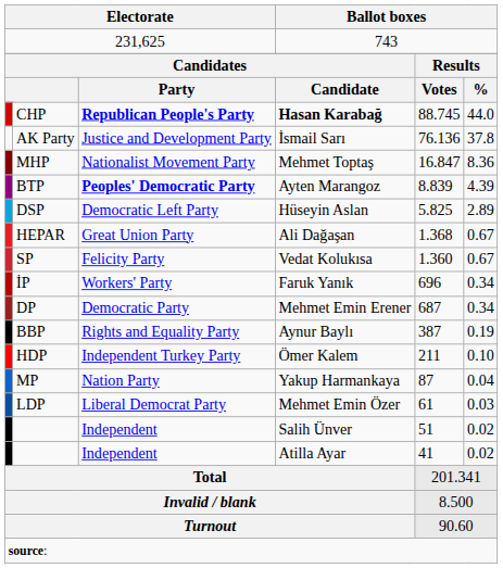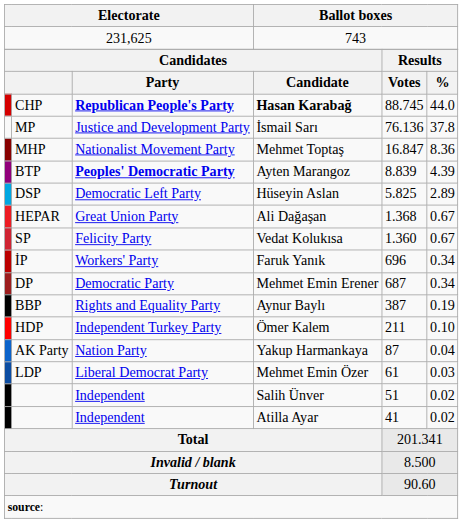 <table class="wikitable">
 <tr style="background-color:#F2F2F2">
 <td align="center" colspan="3"><strong>Electorate</strong></td>
 <td align="center" colspan="7"><strong>Ballot boxes</strong></td>
 </tr>
 <tr align="left">
 <td align="center" colspan="3">231,625</td>
 <td align="center" colspan="7">743</td>
 </tr>
 <tr>
 </tr>
 <tr style="background-color:#E9E9E9">
 </tr>
 <tr>
 <th align="center" colspan="4">Candidates</th>
 <th align="center" colspan="6">Results</th>
 </tr>
 <tr style="background-color:#E9E9E9">
 <th align="center" colspan="2"></th>
 <th align="center">Party</th>
 <th align="center">Candidate</th>
 <th align="center">Votes</th>
 <th align="center">%</th>
 </tr>
 <tr align="left">
 <td bgcolor="#d50000" width=1></td>
 <td>CHP</td>
 <td><strong><a href='#'>Republican People's Party</a></strong></td>
 <td><strong>Hasan Karabağ</strong></td>
 <td>88.745</td>
 <td>44.0</td>
 </tr>
 <tr align="left">
 <td></td>
-<td>AK Party</td>
+<td>MP</td>
 <td><a href='#'>Justice and Development Party</a></td>
 <td>İsmail Sarı</td>
 <td>76.136</td>
 <td>37.8</td>
 </tr>
 <tr align="left">
 <td bgcolor="#870000" width=1></td>
 <td>MHP</td>
 <td><a href='#'>Nationalist Movement Party</a></td>
 <td>Mehmet Toptaş</td>
 <td>16.847</td>
 <td>8.36</td>
 </tr>
 <tr align="left">
 <td bgcolor="#91007B" width=1></td>
 <td>BTP</td>
 <td><strong><a href='#'>Peoples' Democratic Party</a></strong></td>
 <td>Ayten Marangoz</td>
 <td>8.839</td>
 <td>4.39</td>
 </tr>
 <tr align="left">
 <td bgcolor="#01A7E1" width=1></td>
 <td>DSP</td>
 <td><a href='#'>Democratic Left Party</a></td>
 <td>Hüseyin Aslan</td>
 <td>5.825</td>
 <td>2.89</td>
 </tr>
 <tr align="left">
 <td bgcolor="#ED1C24" width=1></td>
 <td>HEPAR</td>
 <td><a href='#'>Great Union Party</a></td>
 <td>Ali Dağaşan</td>
 <td>1.368</td>
 <td>0.67</td>
 </tr>
 <tr align="left">
 <td bgcolor="#D02433" width=1></td>
 <td>SP</td>
 <td><a href='#'>Felicity Party</a></td>
 <td>Vedat Kolukısa</td>
 <td>1.360</td>
 <td>0.67</td>
 </tr>
 <tr align="left">
 <td bgcolor="#BB0000" width=1></td>
 <td>İP</td>
 <td><a href='#'>Workers' Party</a></td>
 <td>Faruk Yanık</td>
 <td>696</td>
 <td>0.34</td>
 </tr>
 <tr align="left">
 <td bgcolor="#9D1D1E" width=1></td>
 <td>DP</td>
 <td><a href='#'>Democratic Party</a></td>
 <td>Mehmet Emin Erener</td>
 <td>687</td>
 <td>0.34</td>
 </tr>
 <tr align="left">
 <td bgcolor="#000000" width=1></td>
 <td>BBP</td>
 <td><a href='#'>Rights and Equality Party</a></td>
 <td>Aynur Baylı</td>
 <td>387</td>
 <td>0.19</td>
 </tr>
 <tr align="left">
 <td bgcolor="#FE0000" width=1></td>
 <td>HDP</td>
 <td><a href='#'>Independent Turkey Party</a></td>
 <td>Ömer Kalem</td>
 <td>211</td>
 <td>0.10</td>
 </tr>
 <tr align="left">
 <td bgcolor="#0C63CA" width=1></td>
-<td>MP</td>
+<td>AK Party</td>
 <td><a href='#'>Nation Party</a></td>
 <td>Yakup Harmankaya</td>
 <td>87</td>
 <td>0.04</td>
 </tr>
 <tr align="left">
 <td bgcolor="#0C4DA2" width=1></td>
 <td>LDP</td>
 <td><a href='#'>Liberal Democrat Party</a></td>
 <td>Mehmet Emin Özer</td>
 <td>61</td>
 <td>0.03</td>
 </tr>
 <tr align="left">
 <td bgcolor=" " width=1></td>
 <td></td>
 <td><a href='#'>Independent</a></td>
 <td>Salih Ünver</td>
 <td>51</td>
 <td>0.02</td>
 </tr>
 <tr align="left">
 <td bgcolor=" " width=1></td>
 <td></td>
 <td><a href='#'>Independent</a></td>
 <td>Atilla Ayar</td>
 <td>41</td>
 <td>0.02</td>
 </tr>
 <tr style="background-color:#E9E9E9" align="left">
 <th align="center" colspan="4"><strong>Total</strong></th>
 <td align="center" colspan="5">201.341</td>
 </tr>
 <tr style="background-color:#E9E9E9" align="left">
 <th align="center" colspan="4"><em>Invalid / blank</em></th>
 <td align="center" colspan="5">8.500</td>
 </tr>
 <tr style="background-color:#E9E9E9" align="left">
 <th align="center" colspan="4"><em>Turnout</em></th>
 <td align="center" colspan="5">90.60</td>
 </tr>
 <tr>
 <td align="left" colspan=10><small><strong>source</strong>: </small></td>
 </tr>
 </table>
